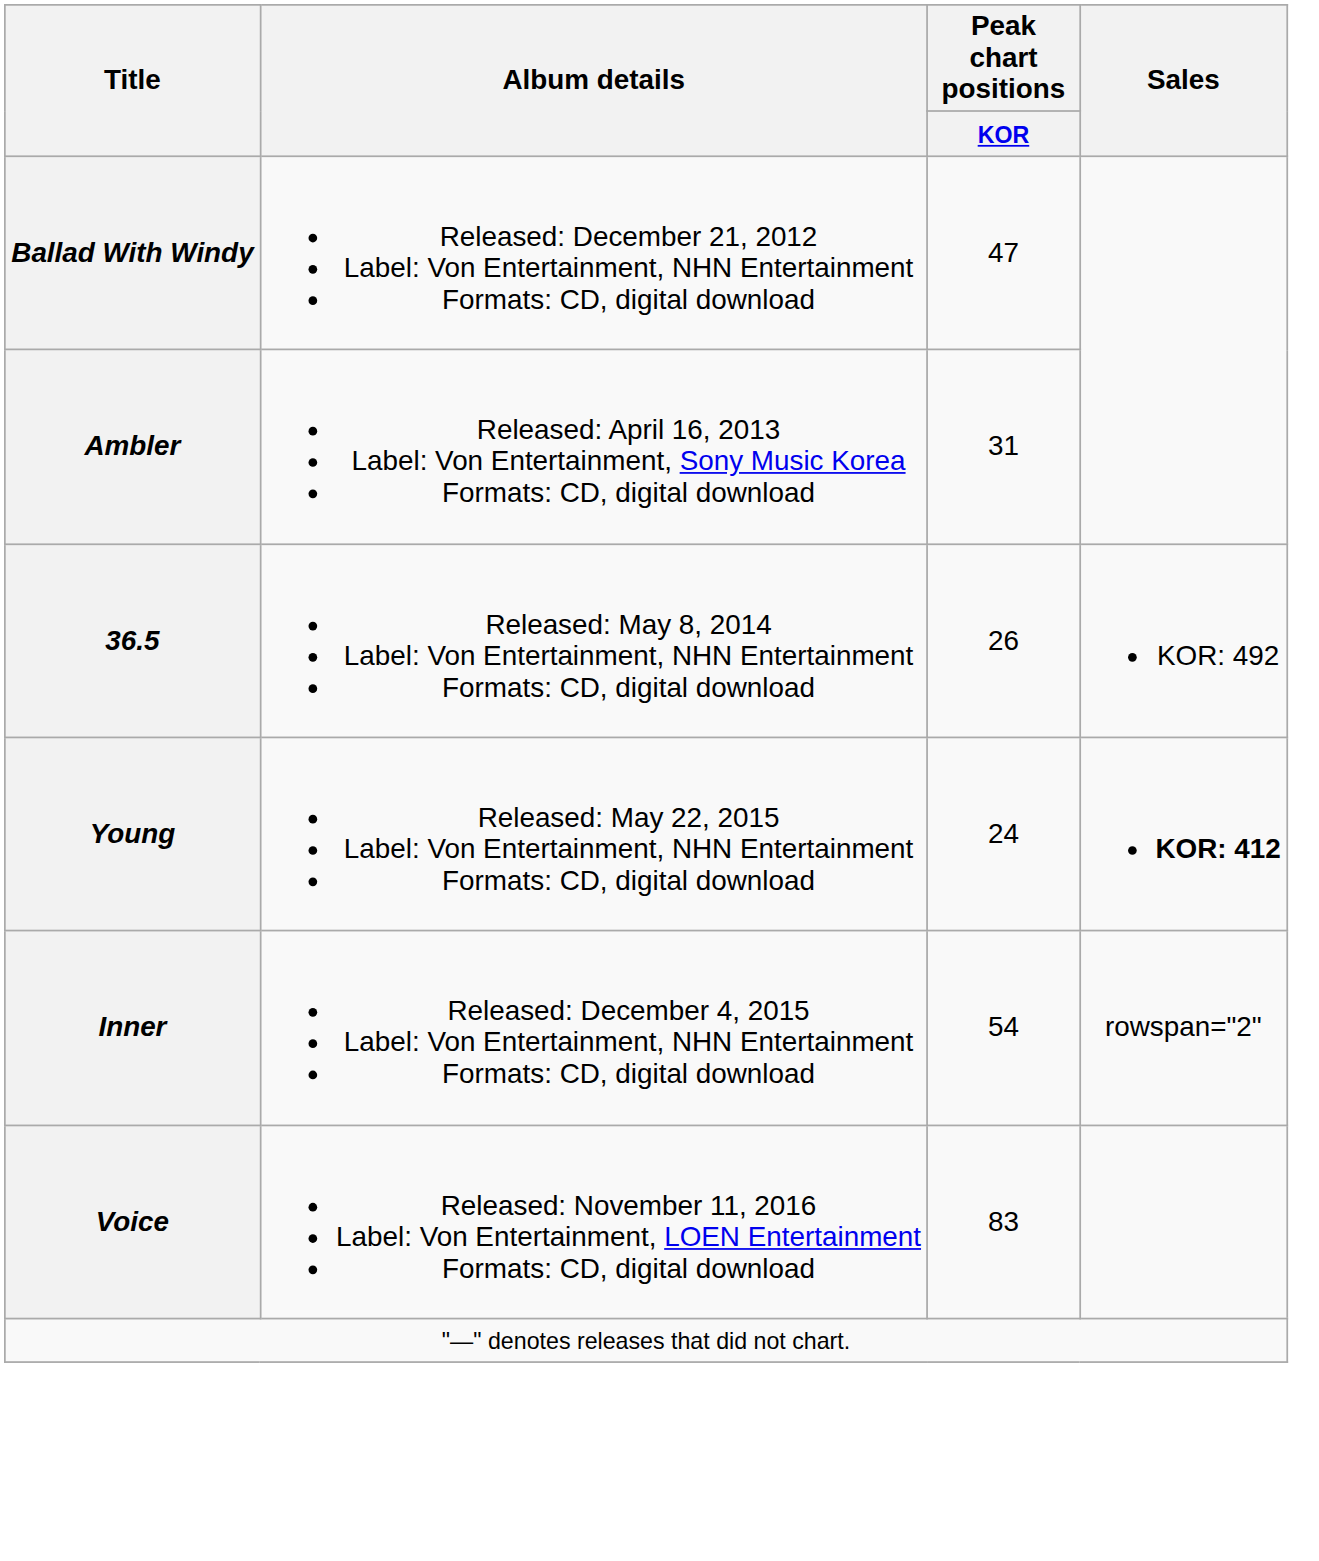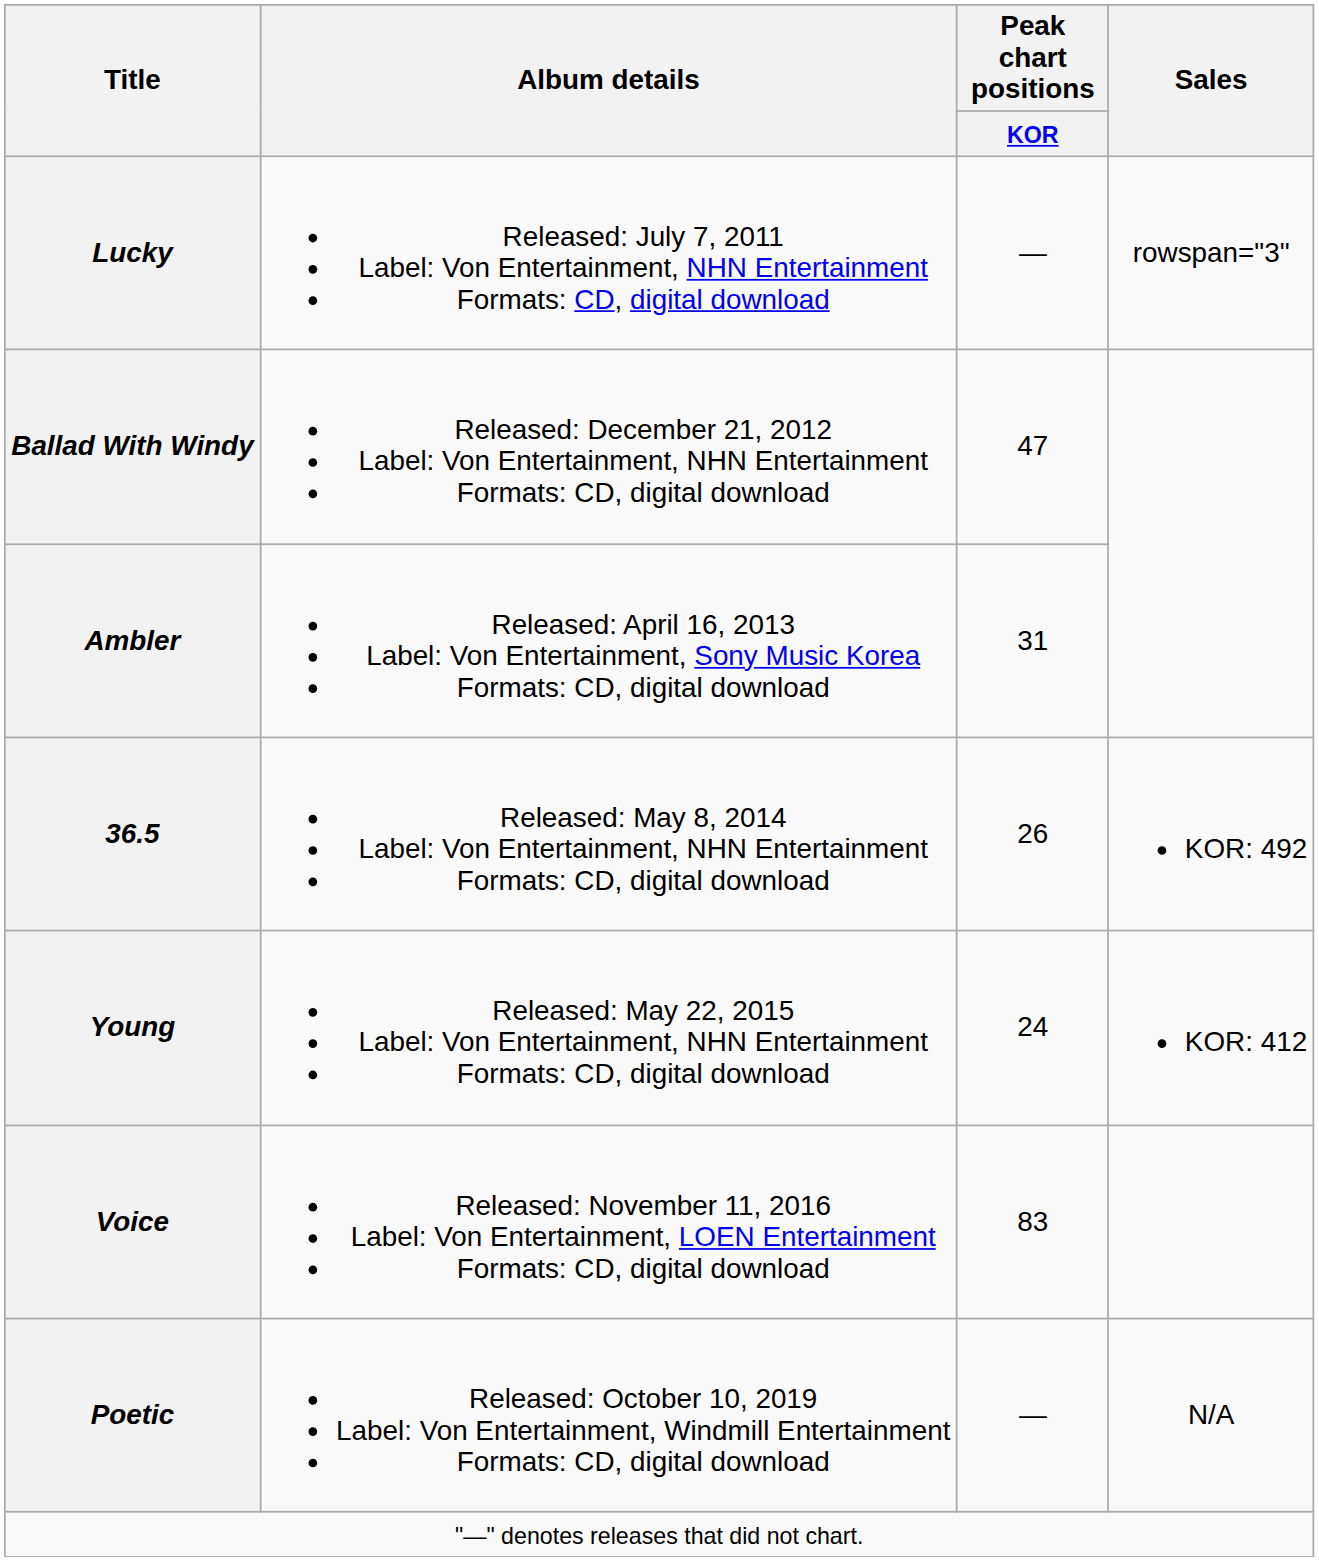 <table class="wikitable plainrowheaders" style="text-align:center;">
 <tr>
 <th scope="col" rowspan="2">Title</th>
 <th scope="col" rowspan="2">Album details</th>
 <th scope="col" colspan="1" style="width:5em;">Peak chart positions</th>
 <th scope="col" rowspan="2">Sales</th>
 </tr>
 <tr>
 <th><small><a href='#'>KOR</a></small><br></th>
+</tr>
+<tr>
+<th scope="row"><em>Lucky</em></th>
+<td><br><ul><li>Released: July 7, 2011</li><li>Label: Von Entertainment, <a href='#'>NHN Entertainment</a></li><li>Formats: <a href='#'>CD</a>, <a href='#'>digital download</a></li></ul></td>
+<td>—</td>
+<td>rowspan="3" </td>
 </tr>
 <tr>
 <th scope="row"><em>Ballad With Windy</em></th>
 <td><br><ul><li>Released: December 21, 2012</li><li>Label: Von Entertainment, NHN Entertainment</li><li>Formats: CD, digital download</li></ul></td>
 <td>47</td>
 </tr>
 <tr>
 <th scope="row"><em>Ambler</em></th>
 <td><br><ul><li>Released: April 16, 2013</li><li>Label: Von Entertainment, <a href='#'>Sony Music Korea</a></li><li>Formats: CD, digital download</li></ul></td>
 <td>31</td>
 </tr>
 <tr>
 <th scope="row"><em>36.5</em></th>
 <td><br><ul><li>Released: May 8, 2014</li><li>Label: Von Entertainment, NHN Entertainment</li><li>Formats: CD, digital download</li></ul></td>
 <td>26</td>
 <td><br><ul><li>KOR: 492</li></ul></td>
 </tr>
 <tr>
 <th scope="row"><em>Young</em></th>
 <td><br><ul><li>Released: May 22, 2015</li><li>Label: Von Entertainment, NHN Entertainment</li><li>Formats: CD, digital download</li></ul></td>
 <td>24</td>
-<td><strong><br><ul><li>KOR: 412</li></ul></strong></td>
-</tr>
-<tr>
-<th scope="row"><em>Inner</em></th>
-<td><br><ul><li>Released: December 4, 2015</li><li>Label: Von Entertainment, NHN Entertainment</li><li>Formats: CD, digital download</li></ul></td>
-<td>54</td>
-<td>rowspan="2" </td>
+<td><br><ul><li>KOR: 412</li></ul></td>
 </tr>
 <tr>
 <th scope="row"><em>Voice</em></th>
 <td><br><ul><li>Released: November 11, 2016</li><li>Label: Von Entertainment, <a href='#'>LOEN Entertainment</a></li><li>Formats: CD, digital download</li></ul></td>
 <td>83</td>
 </tr>
 <tr>
+<th scope="row"><em>Poetic</em></th>
+<td><br><ul><li>Released: October 10, 2019</li><li>Label: Von Entertainment, Windmill Entertainment</li><li>Formats: CD, digital download</li></ul></td>
+<td>—</td>
+<td>N/A</td>
+</tr>
+<tr>
 <td colspan="4" align="center"><small>"—" denotes releases that did not chart.</small></td>
 </tr>
 </table>
